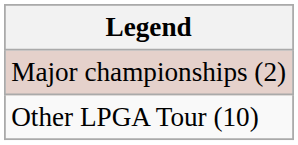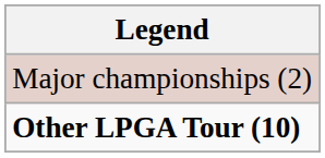 <table class="wikitable" style="font-size:95%;">
 <tr>
 <th>Legend</th>
 </tr>
 <tr style="background:#e5d1cb;">
 <td>Major championships (2)</td>
 </tr>
 <tr>
-<td>Other LPGA Tour (10)</td>
+<td><strong>Other LPGA Tour (10)</strong></td>
 </tr>
 </table>
